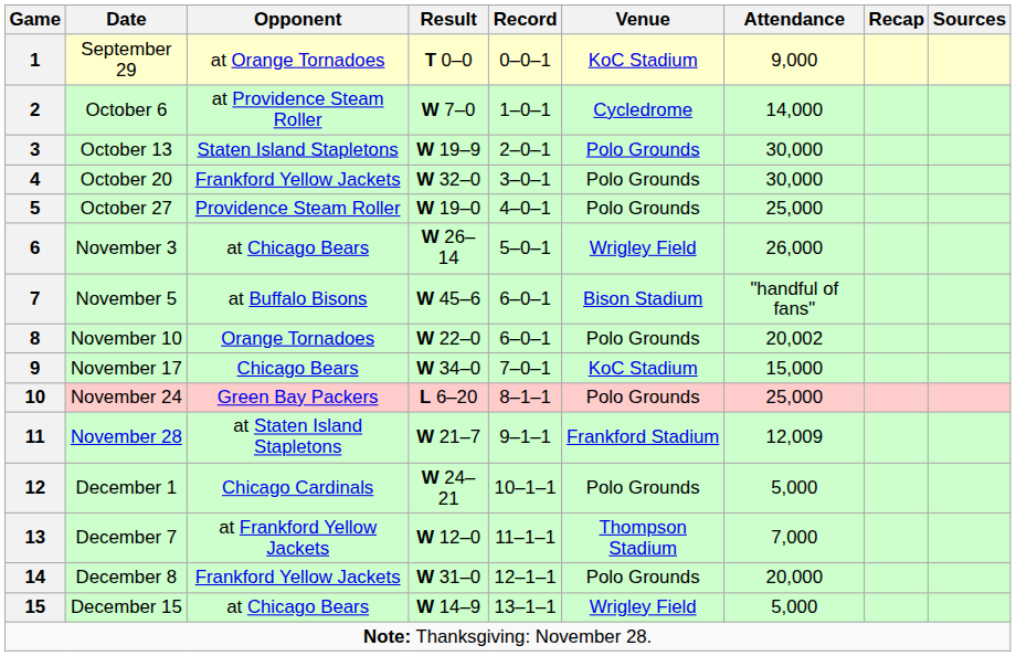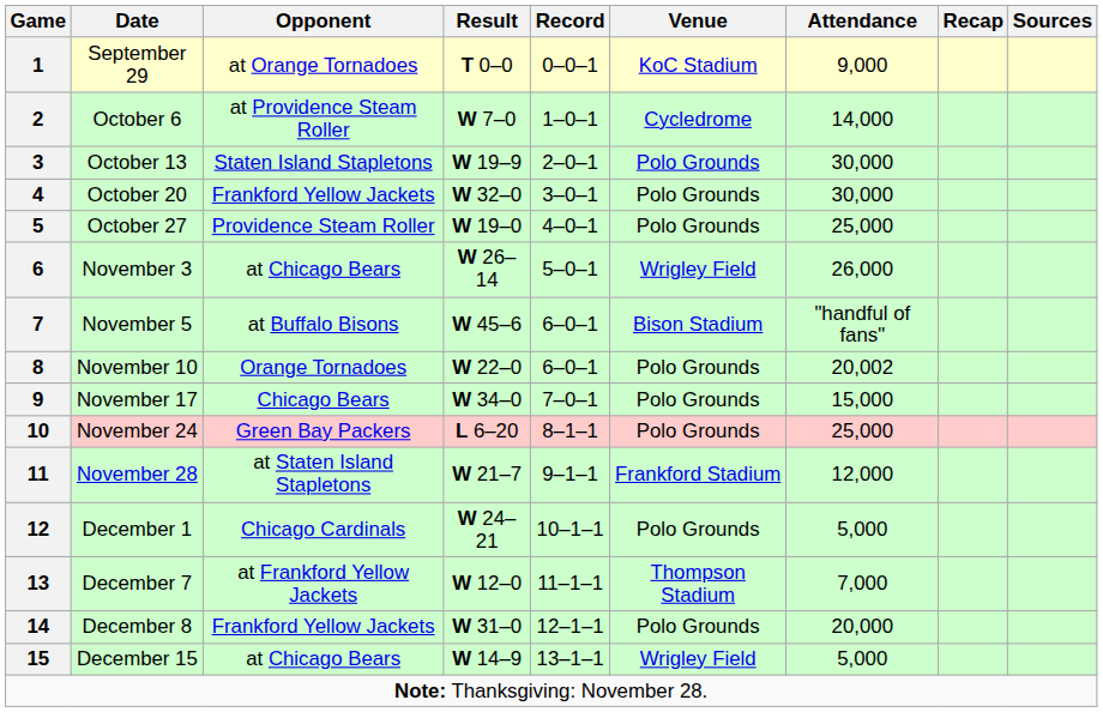 <table class="wikitable" style="text-align:center">
 <tr>
 <th>Game</th>
 <th>Date</th>
 <th>Opponent</th>
 <th>Result</th>
 <th>Record</th>
 <th>Venue</th>
 <th>Attendance</th>
 <th>Recap</th>
 <th>Sources</th>
 </tr>
 <tr style="background:#ffc">
 <th>1</th>
 <td>September 29</td>
 <td>at <a href='#'>Orange Tornadoes</a></td>
 <td><strong>T</strong> 0–0</td>
 <td>0–0–1</td>
 <td><a href='#'>KoC Stadium</a></td>
 <td>9,000</td>
 <td></td>
 <td></td>
 </tr>
 <tr style="background:#cfc">
 <th>2</th>
 <td>October 6</td>
 <td>at <a href='#'>Providence Steam Roller</a></td>
 <td><strong>W</strong> 7–0</td>
 <td>1–0–1</td>
 <td><a href='#'>Cycledrome</a></td>
 <td>14,000</td>
 <td></td>
 <td></td>
 </tr>
 <tr style="background:#cfc">
 <th>3</th>
 <td>October 13</td>
 <td><a href='#'>Staten Island Stapletons</a></td>
 <td><strong>W</strong> 19–9</td>
 <td>2–0–1</td>
 <td><a href='#'>Polo Grounds</a></td>
 <td>30,000</td>
 <td></td>
 <td></td>
 </tr>
 <tr style="background:#cfc">
 <th>4</th>
 <td>October 20</td>
 <td><a href='#'>Frankford Yellow Jackets</a></td>
 <td><strong>W</strong> 32–0</td>
 <td>3–0–1</td>
 <td>Polo Grounds</td>
 <td>30,000</td>
 <td></td>
 <td></td>
 </tr>
 <tr style="background:#cfc">
 <th>5</th>
 <td>October 27</td>
 <td><a href='#'>Providence Steam Roller</a></td>
 <td><strong>W</strong> 19–0</td>
 <td>4–0–1</td>
 <td>Polo Grounds</td>
 <td>25,000</td>
 <td></td>
 <td></td>
 </tr>
 <tr style="background:#cfc">
 <th>6</th>
 <td>November 3</td>
 <td>at <a href='#'>Chicago Bears</a></td>
 <td><strong>W</strong> 26–14</td>
 <td>5–0–1</td>
 <td><a href='#'>Wrigley Field</a></td>
 <td>26,000</td>
 <td></td>
 <td></td>
 </tr>
 <tr style="background:#cfc">
 <th>7</th>
 <td>November 5</td>
 <td>at <a href='#'>Buffalo Bisons</a></td>
 <td><strong>W</strong> 45–6</td>
 <td>6–0–1</td>
 <td><a href='#'>Bison Stadium</a></td>
 <td>"handful of fans"</td>
 <td></td>
 <td></td>
 </tr>
 <tr style="background:#cfc">
 <th>8</th>
 <td>November 10</td>
 <td><a href='#'>Orange Tornadoes</a></td>
 <td><strong>W</strong> 22–0</td>
 <td>6–0–1</td>
 <td>Polo Grounds</td>
 <td>20,002 </td>
 <td></td>
 <td></td>
 </tr>
 <tr style="background:#cfc">
 <th>9</th>
 <td>November 17</td>
 <td><a href='#'>Chicago Bears</a></td>
 <td><strong>W</strong> 34–0</td>
 <td>7–0–1</td>
-<td><a href='#'>KoC Stadium</a></td>
+<td>Polo Grounds</td>
 <td>15,000</td>
 <td></td>
 <td></td>
 </tr>
 <tr style="background:#fcc">
 <th>10</th>
 <td>November 24</td>
 <td><a href='#'>Green Bay Packers</a></td>
 <td><strong>L</strong> 6–20</td>
 <td>8–1–1</td>
 <td>Polo Grounds</td>
 <td>25,000</td>
 <td></td>
 <td></td>
 </tr>
 <tr style="background:#cfc">
 <th>11</th>
 <td><a href='#'>November 28</a></td>
 <td>at <a href='#'>Staten Island Stapletons</a></td>
 <td><strong>W</strong> 21–7</td>
 <td>9–1–1</td>
 <td><a href='#'>Frankford Stadium</a></td>
-<td>12,009</td>
+<td>12,000</td>
 <td></td>
 <td></td>
 </tr>
 <tr style="background:#cfc">
 <th>12</th>
 <td>December 1</td>
 <td><a href='#'>Chicago Cardinals</a></td>
 <td><strong>W</strong> 24–21</td>
 <td>10–1–1</td>
 <td>Polo Grounds</td>
 <td>5,000</td>
 <td></td>
 <td></td>
 </tr>
 <tr style="background:#cfc">
 <th>13</th>
 <td>December 7</td>
 <td>at <a href='#'>Frankford Yellow Jackets</a></td>
 <td><strong>W</strong> 12–0</td>
 <td>11–1–1</td>
 <td><a href='#'>Thompson Stadium</a></td>
 <td>7,000</td>
 <td></td>
 <td></td>
 </tr>
 <tr style="background:#cfc">
 <th>14</th>
 <td>December 8</td>
 <td><a href='#'>Frankford Yellow Jackets</a></td>
 <td><strong>W</strong> 31–0</td>
 <td>12–1–1</td>
 <td>Polo Grounds</td>
 <td>20,000</td>
 <td></td>
 <td></td>
 </tr>
 <tr style="background:#cfc">
 <th>15</th>
 <td>December 15</td>
 <td>at <a href='#'>Chicago Bears</a></td>
 <td><strong>W</strong> 14–9</td>
 <td>13–1–1</td>
 <td><a href='#'>Wrigley Field</a></td>
 <td>5,000</td>
 <td></td>
 <td></td>
 </tr>
 <tr>
 <td colspan="10"><strong>Note:</strong> Thanksgiving: November 28.</td>
 </tr>
 </table>
